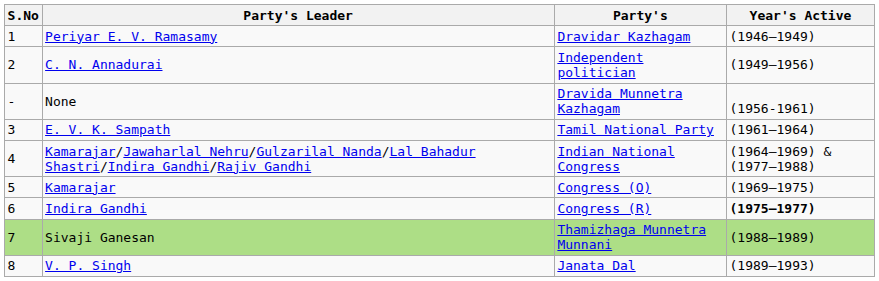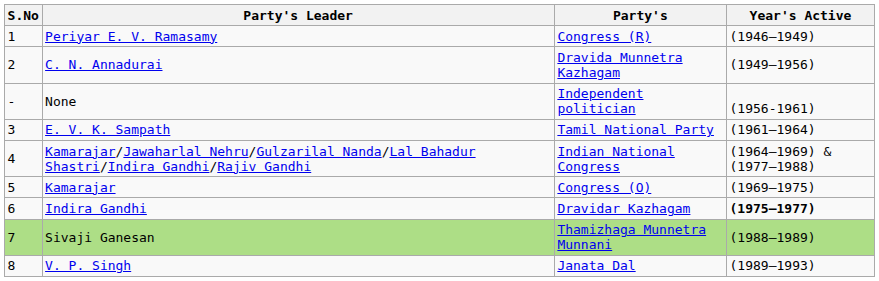 <table class="wikitable">
 <tr>
 <th>S.No</th>
 <th>Party's Leader</th>
 <th>Party's</th>
 <th>Year's Active</th>
 </tr>
 <tr>
 <td>1</td>
 <td><a href='#'>Periyar E. V. Ramasamy</a></td>
-<td><a href='#'>Dravidar Kazhagam</a></td>
+<td><a href='#'>Congress (R)</a></td>
 <td>(1946–1949)</td>
 </tr>
 <tr>
 <td>2</td>
 <td><a href='#'>C. N. Annadurai</a></td>
-<td><a href='#'>Independent politician</a></td>
+<td><a href='#'>Dravida Munnetra Kazhagam</a></td>
 <td>(1949–1956)</td>
 </tr>
 <tr>
 <td>-</td>
 <td>None</td>
-<td><a href='#'>Dravida Munnetra Kazhagam</a></td>
+<td><a href='#'>Independent politician</a></td>
 <td><br>(1956-1961)</td>
 </tr>
 <tr>
 <td>3</td>
 <td><a href='#'>E. V. K. Sampath</a></td>
 <td><a href='#'>Tamil National Party</a></td>
 <td>(1961–1964)</td>
 </tr>
 <tr>
 <td>4</td>
 <td><a href='#'>Kamarajar</a>/<a href='#'>Jawaharlal Nehru</a>/<a href='#'>Gulzarilal Nanda</a>/<a href='#'>Lal Bahadur Shastri</a>/<a href='#'>Indira Gandhi</a>/<a href='#'>Rajiv Gandhi</a></td>
 <td><a href='#'>Indian National Congress</a></td>
 <td>(1964–1969) & (1977–1988)</td>
 </tr>
 <tr>
 <td>5</td>
 <td><a href='#'>Kamarajar</a></td>
 <td><a href='#'>Congress (O)</a></td>
 <td>(1969–1975)</td>
 </tr>
 <tr>
 <td>6</td>
 <td><a href='#'>Indira Gandhi</a></td>
-<td><a href='#'>Congress (R)</a></td>
+<td><a href='#'>Dravidar Kazhagam</a></td>
 <td><strong>(1975–1977)</strong></td>
 </tr>
 <tr>
 </tr>
 <tr bgcolor=#ADDE86>
 <td>7</td>
 <td>Sivaji Ganesan</td>
 <td><a href='#'>Thamizhaga Munnetra Munnani</a></td>
 <td>(1988–1989)</td>
 </tr>
 <tr>
 <td>8</td>
 <td><a href='#'>V. P. Singh</a></td>
 <td><a href='#'>Janata Dal</a></td>
 <td>(1989–1993)</td>
 </tr>
 </table>
